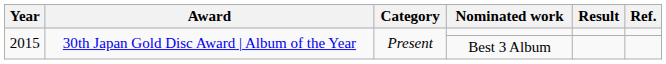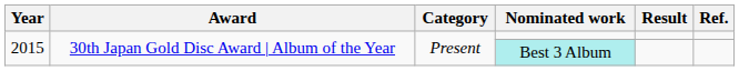 <table class="wikitable" style="text-align:center; width:700px">
 <tr>
 <th>Year</th>
 <th>Award</th>
 <th>Category</th>
 <th>Nominated work</th>
 <th>Result</th>
 <th>Ref.</th>
 </tr>
 <tr>
 <td rowspan="2">2015</td>
 <td rowspan="2"><a href='#'>30th Japan Gold Disc Award   | Album of the Year</a></td>
 <td rowspan="2"><em>Present</em></td>
 <td></td>
 <td></td>
 </tr>
 <tr>
-<td>Best 3 Album</td>
+<td style="background: paleturquoise;">Best 3 Album</td>
 <td></td>
 <td></td>
 </tr>
 </table>
